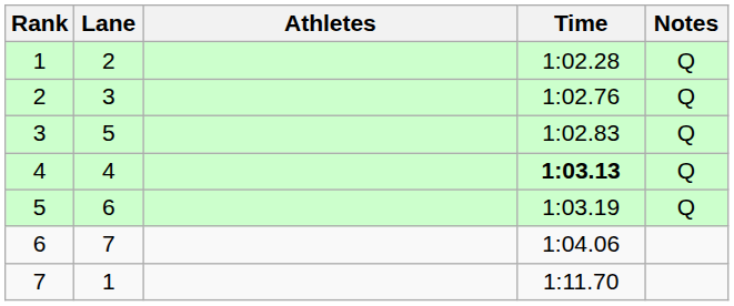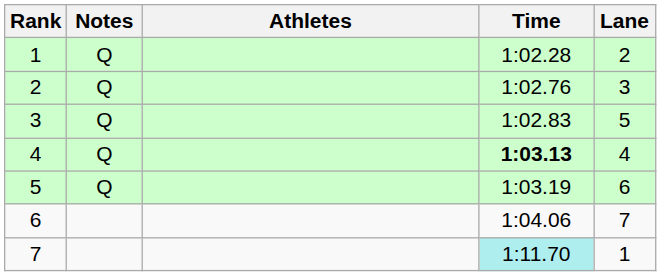 <table class="wikitable sortable" style="text-align:center;">
 <tr>
 <th width=40>Rank</th>
-<th width=40>Lane</th>
+<th width=50>Notes</th>
 <th width=250>Athletes</th>
 <th width=80>Time</th>
-<th width=50>Notes</th>
+<th width=40>Lane</th>
 </tr>
 <tr bgcolor=ccffcc>
 <td>1</td>
-<td>2</td>
+<td>Q</td>
 <td align=left></td>
 <td>1:02.28</td>
-<td>Q</td>
+<td>2</td>
 </tr>
 <tr bgcolor=ccffcc>
 <td>2</td>
-<td>3</td>
+<td>Q</td>
 <td align=left></td>
 <td>1:02.76</td>
-<td>Q</td>
+<td>3</td>
 </tr>
 <tr bgcolor=ccffcc>
 <td>3</td>
-<td>5</td>
+<td>Q</td>
 <td align=left></td>
 <td>1:02.83</td>
-<td>Q</td>
+<td>5</td>
 </tr>
 <tr bgcolor=ccffcc>
 <td>4</td>
-<td>4</td>
+<td>Q</td>
 <td align=left></td>
 <td><strong>1:03.13</strong></td>
-<td>Q</td>
+<td>4</td>
 </tr>
 <tr bgcolor=ccffcc>
 <td>5</td>
-<td>6</td>
+<td>Q</td>
 <td align=left></td>
 <td>1:03.19</td>
-<td>Q</td>
+<td>6</td>
 </tr>
 <tr>
 <td>6</td>
-<td>7</td>
+<td></td>
 <td align=left></td>
 <td>1:04.06</td>
-<td></td>
+<td>7</td>
 </tr>
 <tr>
 <td>7</td>
+<td></td>
+<td align=left></td>
+<td style="background: paleturquoise;">1:11.70</td>
 <td>1</td>
-<td align=left></td>
-<td>1:11.70</td>
-<td></td>
 </tr>
 </table>
